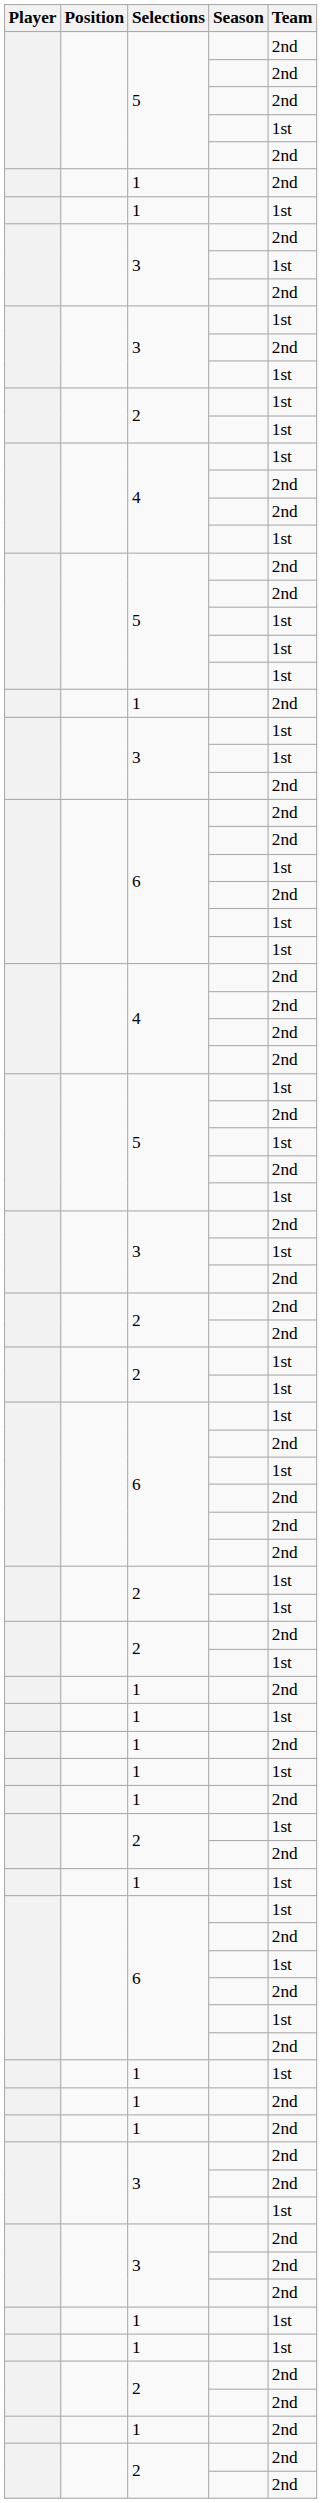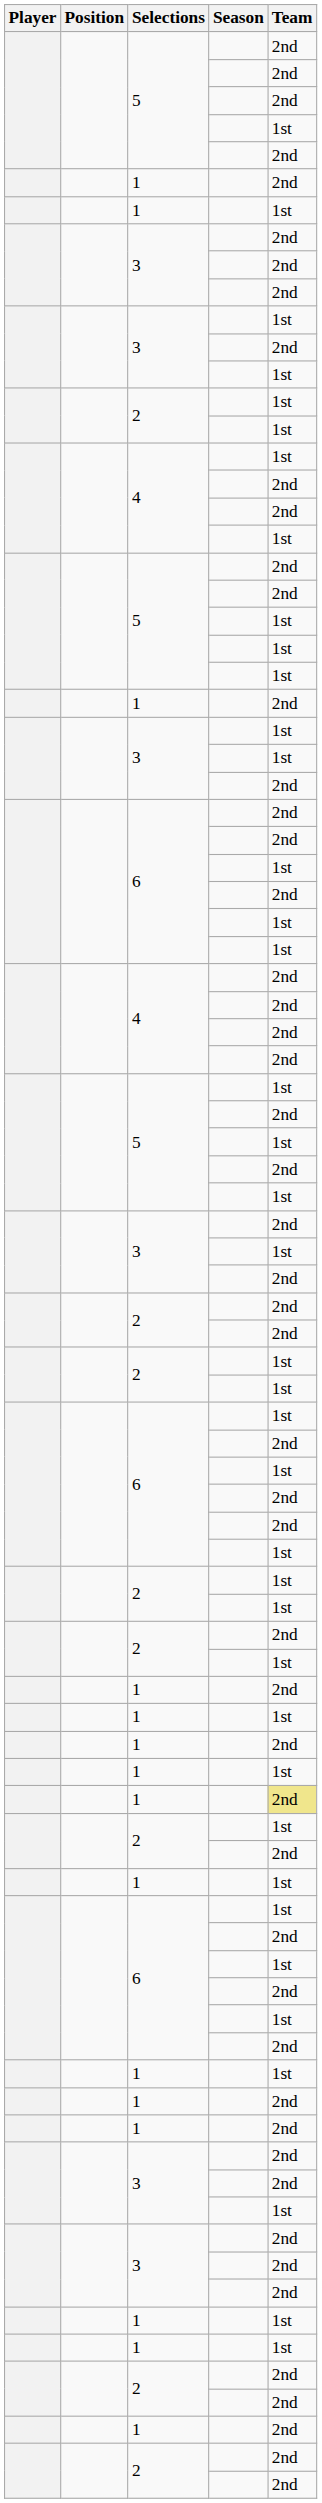 <table class="wikitable sortable">
 <tr>
 <th scope="col">Player</th>
 <th scope="col">Position</th>
 <th scope="col">Selections</th>
 <th scope="col">Season</th>
 <th scope="col">Team</th>
 </tr>
 <tr>
 <th scope="row" rowspan="5"></th>
 <td rowspan="5"></td>
 <td rowspan="5">5</td>
 <td></td>
 <td>2nd</td>
 </tr>
 <tr>
 <td></td>
 <td>2nd</td>
 </tr>
 <tr>
 <td></td>
 <td>2nd</td>
 </tr>
 <tr>
 <td></td>
 <td>1st</td>
 </tr>
 <tr>
 <td></td>
 <td>2nd</td>
 </tr>
 <tr>
 <th scope="row"></th>
 <td></td>
 <td>1</td>
 <td></td>
 <td>2nd</td>
 </tr>
 <tr>
 <th scope="row"></th>
 <td></td>
 <td>1</td>
 <td></td>
 <td>1st</td>
 </tr>
 <tr>
 <th scope="row" rowspan="3"></th>
 <td rowspan="3"></td>
 <td rowspan="3">3</td>
 <td></td>
 <td>2nd</td>
 </tr>
 <tr>
 <td></td>
-<td>1st</td>
+<td>2nd</td>
 </tr>
 <tr>
 <td></td>
 <td>2nd</td>
 </tr>
 <tr>
 <th scope="row" rowspan="3"></th>
 <td rowspan="3"></td>
 <td rowspan="3">3</td>
 <td></td>
 <td>1st</td>
 </tr>
 <tr>
 <td></td>
 <td>2nd</td>
 </tr>
 <tr>
 <td></td>
 <td>1st</td>
 </tr>
 <tr>
 <th scope="row" rowspan="2"></th>
 <td rowspan="2"></td>
 <td rowspan="2">2</td>
 <td></td>
 <td>1st</td>
 </tr>
 <tr>
 <td></td>
 <td>1st</td>
 </tr>
 <tr>
 <th scope="row" rowspan="4"></th>
 <td rowspan="4"></td>
 <td rowspan="4">4</td>
 <td></td>
 <td>1st</td>
 </tr>
 <tr>
 <td></td>
 <td>2nd</td>
 </tr>
 <tr>
 <td></td>
 <td>2nd</td>
 </tr>
 <tr>
 <td></td>
 <td>1st</td>
 </tr>
 <tr>
 <th scope="row" rowspan="5"></th>
 <td rowspan="5"></td>
 <td rowspan="5">5</td>
 <td></td>
 <td>2nd</td>
 </tr>
 <tr>
 <td></td>
 <td>2nd</td>
 </tr>
 <tr>
 <td></td>
 <td>1st</td>
 </tr>
 <tr>
 <td></td>
 <td>1st</td>
 </tr>
 <tr>
 <td></td>
 <td>1st</td>
 </tr>
 <tr>
 <th scope="row"></th>
 <td></td>
 <td>1</td>
 <td></td>
 <td>2nd</td>
 </tr>
 <tr>
 <th scope="row" rowspan="3"></th>
 <td rowspan="3"></td>
 <td rowspan="3">3</td>
 <td></td>
 <td>1st</td>
 </tr>
 <tr>
 <td></td>
 <td>1st</td>
 </tr>
 <tr>
 <td></td>
 <td>2nd</td>
 </tr>
 <tr>
 <th scope="row" rowspan="6"></th>
 <td rowspan="6"></td>
 <td rowspan="6">6</td>
 <td></td>
 <td>2nd</td>
 </tr>
 <tr>
 <td></td>
 <td>2nd</td>
 </tr>
 <tr>
 <td></td>
 <td>1st</td>
 </tr>
 <tr>
 <td></td>
 <td>2nd</td>
 </tr>
 <tr>
 <td></td>
 <td>1st</td>
 </tr>
 <tr>
 <td></td>
 <td>1st</td>
 </tr>
 <tr>
 <th scope="row" rowspan="4"></th>
 <td rowspan="4"></td>
 <td rowspan="4">4</td>
 <td></td>
 <td>2nd</td>
 </tr>
 <tr>
 <td></td>
 <td>2nd</td>
 </tr>
 <tr>
 <td></td>
 <td>2nd</td>
 </tr>
 <tr>
 <td></td>
 <td>2nd</td>
 </tr>
 <tr>
 <th scope="row" rowspan="5"></th>
 <td rowspan="5"></td>
 <td rowspan="5">5</td>
 <td></td>
 <td>1st</td>
 </tr>
 <tr>
 <td></td>
 <td>2nd</td>
 </tr>
 <tr>
 <td></td>
 <td>1st</td>
 </tr>
 <tr>
 <td></td>
 <td>2nd</td>
 </tr>
 <tr>
 <td></td>
 <td>1st</td>
 </tr>
 <tr>
 <th scope="row" rowspan="3"></th>
 <td rowspan="3"></td>
 <td rowspan="3">3</td>
 <td></td>
 <td>2nd</td>
 </tr>
 <tr>
 <td></td>
 <td>1st</td>
 </tr>
 <tr>
 <td></td>
 <td>2nd</td>
 </tr>
 <tr>
 <th scope="row" rowspan="2"></th>
 <td rowspan="2"></td>
 <td rowspan="2">2</td>
 <td></td>
 <td>2nd</td>
 </tr>
 <tr>
 <td></td>
 <td>2nd</td>
 </tr>
 <tr>
 <th scope="row" rowspan="2"></th>
 <td rowspan="2"></td>
 <td rowspan="2">2</td>
 <td></td>
 <td>1st</td>
 </tr>
 <tr>
 <td></td>
 <td>1st</td>
 </tr>
 <tr>
 <th scope="row" rowspan="6"></th>
 <td rowspan="6"></td>
 <td rowspan="6">6</td>
 <td></td>
 <td>1st</td>
 </tr>
 <tr>
 <td></td>
 <td>2nd</td>
 </tr>
 <tr>
 <td></td>
 <td>1st</td>
 </tr>
 <tr>
 <td></td>
 <td>2nd</td>
 </tr>
 <tr>
 <td></td>
 <td>2nd</td>
 </tr>
 <tr>
 <td></td>
-<td>2nd</td>
+<td>1st</td>
 </tr>
 <tr>
 <th scope="row" rowspan="2"></th>
 <td rowspan="2"></td>
 <td rowspan="2">2</td>
 <td></td>
 <td>1st</td>
 </tr>
 <tr>
 <td></td>
 <td>1st</td>
 </tr>
 <tr>
 <th scope="row" rowspan="2"></th>
 <td rowspan="2"></td>
 <td rowspan="2">2</td>
 <td></td>
 <td>2nd</td>
 </tr>
 <tr>
 <td></td>
 <td>1st</td>
 </tr>
 <tr>
 <th scope="row"></th>
 <td></td>
 <td>1</td>
 <td></td>
 <td>2nd</td>
 </tr>
 <tr>
 <th scope="row"></th>
 <td></td>
 <td>1</td>
 <td></td>
 <td>1st</td>
 </tr>
 <tr>
 <th scope="row"></th>
 <td></td>
 <td>1</td>
 <td></td>
 <td>2nd</td>
 </tr>
 <tr>
 <th scope="row"></th>
 <td></td>
 <td>1</td>
 <td></td>
 <td>1st</td>
 </tr>
 <tr>
 <th scope="row"></th>
 <td></td>
 <td>1</td>
 <td></td>
-<td>2nd</td>
+<td style="background: khaki;">2nd</td>
 </tr>
 <tr>
 <th scope="row" rowspan="2"></th>
 <td rowspan="2"></td>
 <td rowspan="2">2</td>
 <td></td>
 <td>1st</td>
 </tr>
 <tr>
 <td></td>
 <td>2nd</td>
 </tr>
 <tr>
 <th scope="row"></th>
 <td></td>
 <td>1</td>
 <td></td>
 <td>1st</td>
 </tr>
 <tr>
 <th scope="row" rowspan="6"></th>
 <td rowspan="6"></td>
 <td rowspan="6">6</td>
 <td></td>
 <td>1st</td>
 </tr>
 <tr>
 <td></td>
 <td>2nd</td>
 </tr>
 <tr>
 <td></td>
 <td>1st</td>
 </tr>
 <tr>
 <td></td>
 <td>2nd</td>
 </tr>
 <tr>
 <td></td>
 <td>1st</td>
 </tr>
 <tr>
 <td></td>
 <td>2nd</td>
 </tr>
 <tr>
 <th scope="row"></th>
 <td></td>
 <td>1</td>
 <td></td>
 <td>1st</td>
 </tr>
 <tr>
 <th scope="row"></th>
 <td></td>
 <td>1</td>
 <td></td>
 <td>2nd</td>
 </tr>
 <tr>
 <th scope="row"></th>
 <td></td>
 <td>1</td>
 <td></td>
 <td>2nd</td>
 </tr>
 <tr>
 <th scope="row" rowspan="3"></th>
 <td rowspan="3"></td>
 <td rowspan="3">3</td>
 <td></td>
 <td>2nd</td>
 </tr>
 <tr>
 <td></td>
 <td>2nd</td>
 </tr>
 <tr>
 <td></td>
 <td>1st</td>
 </tr>
 <tr>
 <th scope="row" rowspan="3"></th>
 <td rowspan="3"></td>
 <td rowspan="3">3</td>
 <td></td>
 <td>2nd</td>
 </tr>
 <tr>
 <td></td>
 <td>2nd</td>
 </tr>
 <tr>
 <td></td>
 <td>2nd</td>
 </tr>
 <tr>
 <th scope="row"></th>
 <td></td>
 <td>1</td>
 <td></td>
 <td>1st</td>
 </tr>
 <tr>
 <th scope="row"></th>
 <td></td>
 <td>1</td>
 <td></td>
 <td>1st</td>
 </tr>
 <tr>
 <th scope="row" rowspan="2"></th>
 <td rowspan="2"></td>
 <td rowspan="2">2</td>
 <td></td>
 <td>2nd</td>
 </tr>
 <tr>
 <td></td>
 <td>2nd</td>
 </tr>
 <tr>
 <th scope="row"></th>
 <td></td>
 <td>1</td>
 <td></td>
 <td>2nd</td>
 </tr>
 <tr>
 <th scope="row" rowspan="2"></th>
 <td rowspan="2"></td>
 <td rowspan="2">2</td>
 <td></td>
 <td>2nd</td>
 </tr>
 <tr>
 <td></td>
 <td>2nd</td>
 </tr>
 </table>
